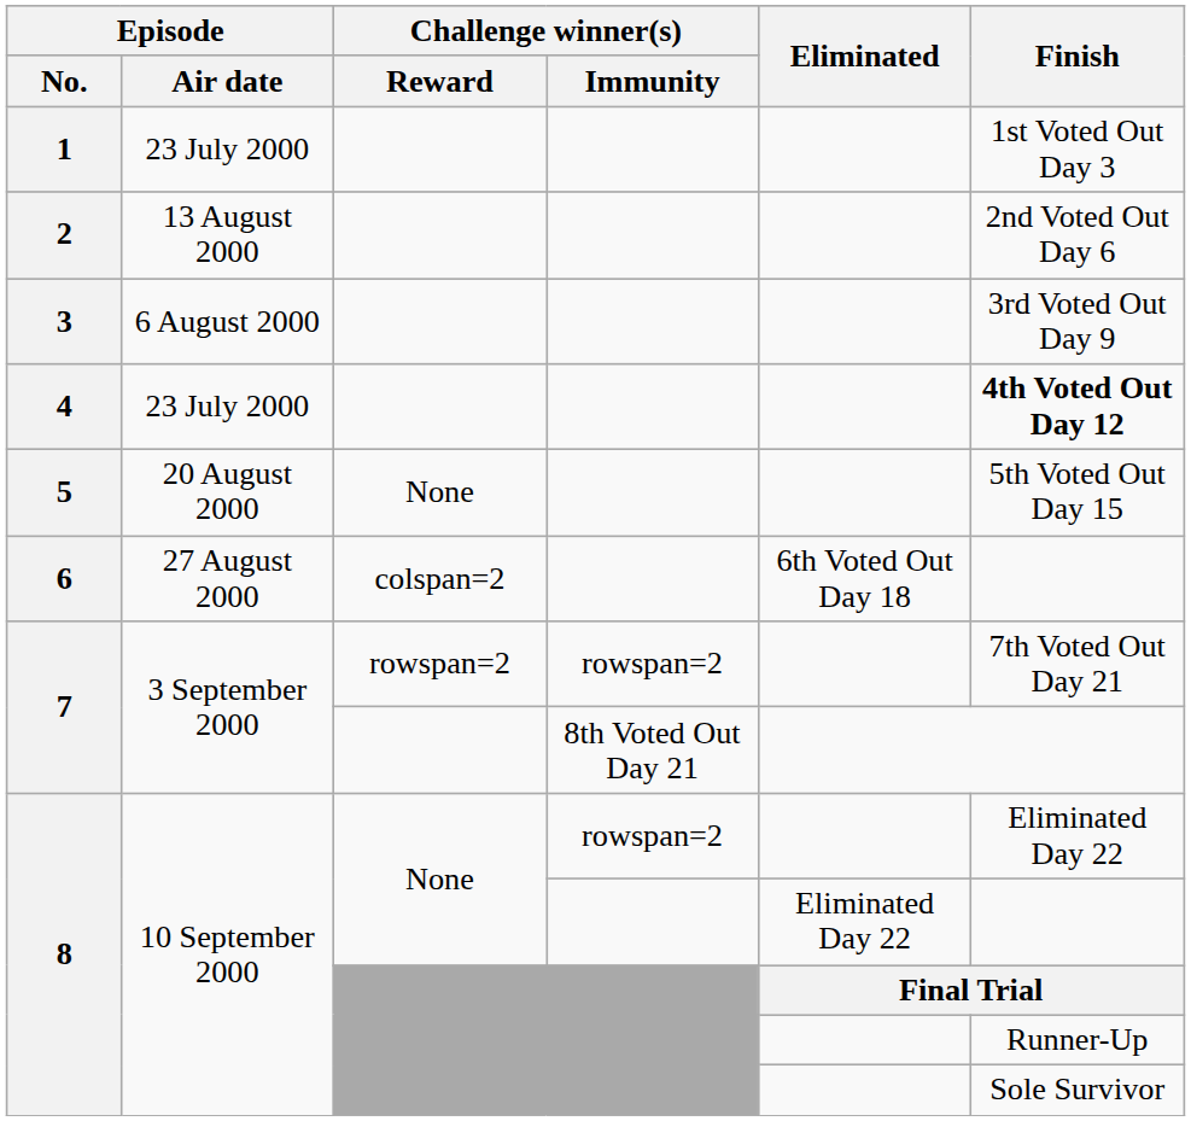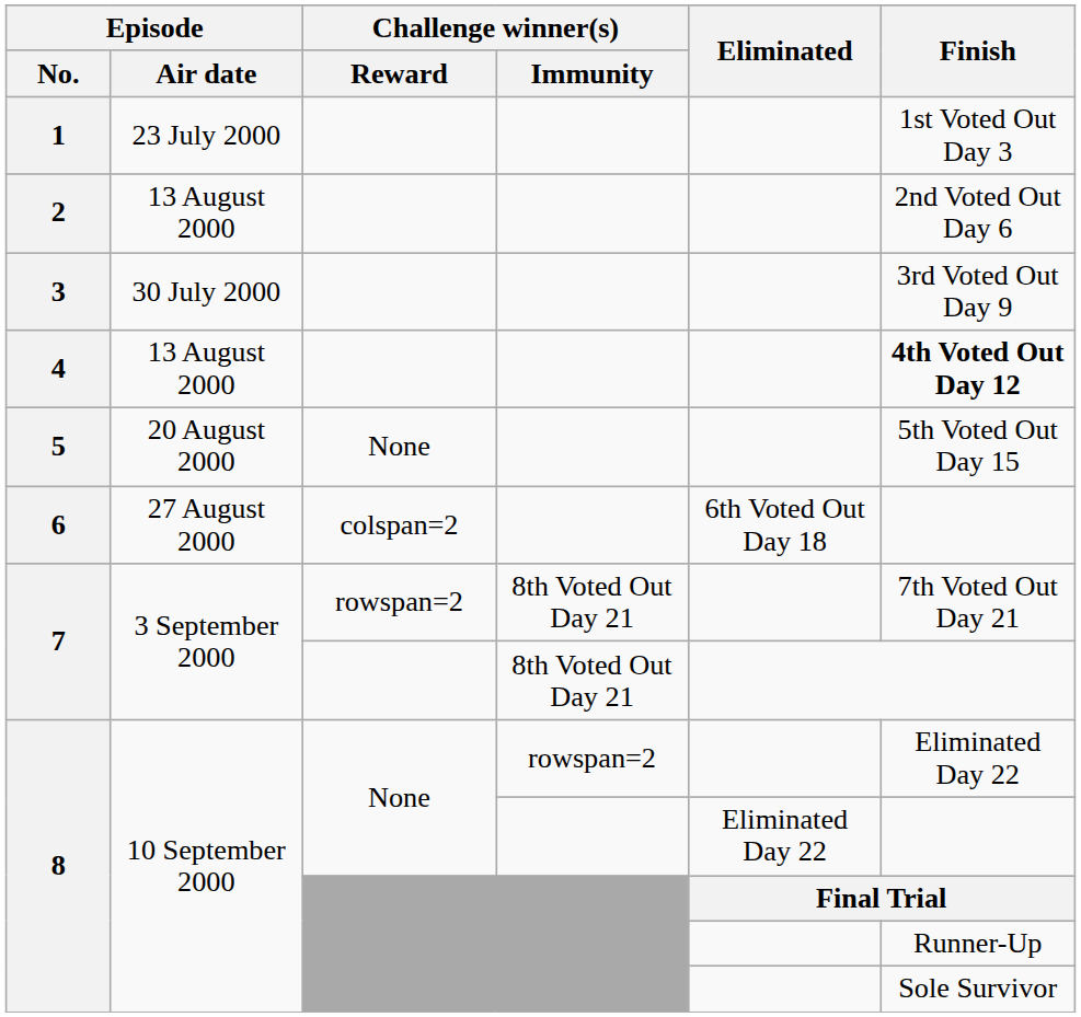 <table class="wikitable width=80% plainrowheaders nowrap" style="margin:auto; text-align:center">
 <tr>
 <th scope="col" colspan=2>Episode</th>
 <th scope="col" colspan=2>Challenge winner(s)</th>
 <th scope="col" rowspan=2 width=100>Eliminated</th>
 <th scope="col" rowspan=2 width=100>Finish</th>
 </tr>
 <tr>
 <th scope="col" width=050>No.</th>
 <th scope="col" width=100>Air date</th>
 <th scope="col" width=100>Reward</th>
 <th scope="col" width=100>Immunity</th>
 </tr>
 <tr>
 <th>1</th>
 <td>23 July 2000</td>
 <td></td>
 <td></td>
 <td></td>
 <td>1st Voted Out<br>Day 3</td>
 </tr>
 <tr>
 <th>2</th>
 <td>13 August 2000</td>
 <td></td>
 <td></td>
 <td></td>
 <td>2nd Voted Out<br>Day 6</td>
 </tr>
 <tr>
 <th>3</th>
-<td>6 August 2000</td>
+<td>30 July 2000</td>
 <td></td>
 <td></td>
 <td></td>
 <td>3rd Voted Out<br>Day 9</td>
 </tr>
 <tr>
 <th>4</th>
-<td>23 July 2000</td>
+<td>13 August 2000</td>
 <td></td>
 <td></td>
 <td></td>
 <td><strong>4th Voted Out<br>Day 12</strong></td>
 </tr>
 <tr>
 <th>5</th>
 <td>20 August 2000</td>
 <td>None</td>
 <td></td>
 <td></td>
 <td>5th Voted Out<br>Day 15</td>
 </tr>
 <tr>
 <th>6</th>
 <td>27 August 2000</td>
 <td>colspan=2 </td>
 <td></td>
 <td>6th Voted Out<br>Day 18</td>
 </tr>
 <tr>
 <th rowspan=2>7</th>
 <td rowspan=2>3 September 2000</td>
 <td>rowspan=2 </td>
-<td>rowspan=2 </td>
+<td>8th Voted Out<br>Day 21</td>
 <td></td>
 <td>7th Voted Out<br>Day 21</td>
 </tr>
 <tr>
 <td></td>
 <td>8th Voted Out<br>Day 21</td>
 </tr>
 <tr>
 <th rowspan=5>8</th>
 <td rowspan=5>10 September 2000</td>
 <td rowspan=2>None</td>
 <td>rowspan=2 </td>
 <td></td>
 <td>Eliminated<br>Day 22</td>
 </tr>
 <tr>
 <td></td>
 <td>Eliminated<br>Day 22</td>
 </tr>
 <tr>
 <td rowspan=3 colspan=2 bgcolor=A9A9A9></td>
 <th colspan=2>Final Trial</th>
 </tr>
 <tr>
 <td></td>
 <td>Runner-Up</td>
 </tr>
 <tr>
 <td></td>
 <td>Sole Survivor</td>
 </tr>
 </table>
